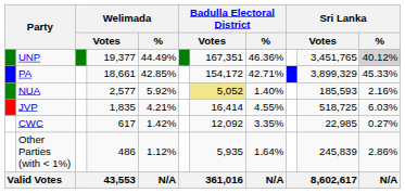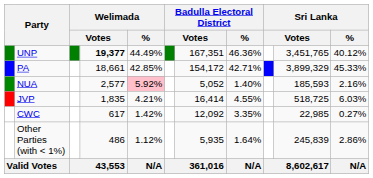 <table class="wikitable">
 <tr>
 <th colspan="2" width="144px"rowspan="2">Party</th>
 <th colspan="3" width="216px">Welimada</th>
 <th colspan="3" width="216px"><a href='#'>Badulla Electoral District</a></th>
 <th colspan="3" width="216px">Sri Lanka</th>
 </tr>
 <tr>
 <th colspan="2" width="144px">Votes</th>
 <th>%</th>
 <th colspan="2" width="144px">Votes</th>
 <th>%</th>
 <th colspan="2" width="144px">Votes</th>
 <th>%</th>
 </tr>
 <tr>
 <td style="background-color:green;" width="10px"></td>
 <td style="text-align:left;"><a href='#'>UNP</a></td>
 <td style="background-color:green;" width="10px"></td>
-<td style="text-align:right;">19,377</td>
+<td style="text-align:right;"><strong>19,377</strong></td>
 <td style="text-align:right;">44.49%</td>
 <td style="background-color:green;" width="10px"></td>
 <td style="text-align:right;">167,351</td>
 <td style="text-align:right;">46.36%</td>
 <td style="background-color:white;" width="10px"></td>
 <td style="text-align:right;">3,451,765</td>
-<td style="background: lightgrey; text-align:right;">40.12%</td>
+<td style="text-align:right;">40.12%</td>
 </tr>
 <tr>
 <td style="background-color:blue;" width="10px"></td>
 <td style="text-align:left;"><a href='#'>PA</a></td>
 <td style="background-color:white;" width="10px"></td>
 <td style="text-align:right;">18,661</td>
 <td style="text-align:right;">42.85%</td>
 <td style="background-color:white;" width="10px"></td>
 <td style="text-align:right;">154,172</td>
 <td style="text-align:right;">42.71%</td>
 <td style="background-color:blue;" width="10px"></td>
 <td style="text-align:right;">3,899,329</td>
 <td style="text-align:right;">45.33%</td>
 </tr>
 <tr>
 <td style="background-color:#008800;" width="10px"></td>
 <td style="text-align:left;"><a href='#'>NUA</a></td>
 <td style="background-color:white;" width="10px"></td>
 <td style="text-align:right;">2,577</td>
-<td style="text-align:right;">5.92%</td>
+<td style="background: pink; text-align:right;">5.92%</td>
 <td style="background-color:white;" width="10px"></td>
-<td style="background: khaki; text-align:right;">5,052</td>
+<td style="text-align:right;">5,052</td>
 <td style="text-align:right;">1.40%</td>
 <td style="background-color:white;" width="10px"></td>
 <td style="text-align:right;">185,593</td>
 <td style="text-align:right;">2.16%</td>
 </tr>
 <tr>
 <td style="background-color:red;" width="10px"></td>
 <td style="text-align:left;"><a href='#'>JVP</a></td>
 <td style="background-color:white;" width="10px"></td>
 <td style="text-align:right;">1,835</td>
 <td style="text-align:right;">4.21%</td>
 <td style="background-color:white;" width="10px"></td>
 <td style="text-align:right;">16,414</td>
 <td style="text-align:right;">4.55%</td>
 <td style="background-color:white;" width="10px"></td>
 <td style="text-align:right;">518,725</td>
 <td style="text-align:right;">6.03%</td>
 </tr>
 <tr>
 <td style="background-color:white;" width="10px"></td>
 <td style="text-align:left;"><a href='#'>CWC</a></td>
 <td style="background-color:white;" width="10px"></td>
 <td style="text-align:right;">617</td>
 <td style="text-align:right;">1.42%</td>
 <td style="background-color:white;" width="10px"></td>
 <td style="text-align:right;">12,092</td>
 <td style="text-align:right;">3.35%</td>
 <td style="background-color:white;" width="10px"></td>
 <td style="text-align:right;">22,985</td>
 <td style="text-align:right;">0.27%</td>
 </tr>
 <tr>
 <td style="background-color:white;" width="10px"></td>
 <td style="text-align:left;">Other Parties (with < 1%)</td>
 <td style="background-color:white;" width="10px"></td>
 <td style="text-align:right;">486</td>
 <td style="text-align:right;">1.12%</td>
 <td style="background-color:white;" width="10px"></td>
 <td style="text-align:right;">5,935</td>
 <td style="text-align:right;">1.64%</td>
 <td style="background-color:white;" width="10px"></td>
 <td style="text-align:right;">245,839</td>
 <td style="text-align:right;">2.86%</td>
 </tr>
 <tr>
 <th colspan="2" width="144px"style="text-align:left;">Valid Votes</th>
 <th style="text-align:right;"colspan="2" width="144px">43,553</th>
 <th style="text-align:right;">N/A</th>
 <th style="text-align:right;"colspan="2" width="144px">361,016</th>
 <th style="text-align:right;">N/A</th>
 <th style="text-align:right;"colspan="2" width="144px">8,602,617</th>
 <th style="text-align:right;">N/A</th>
 </tr>
 </table>
